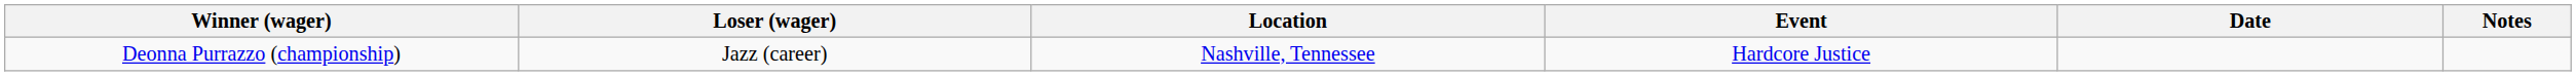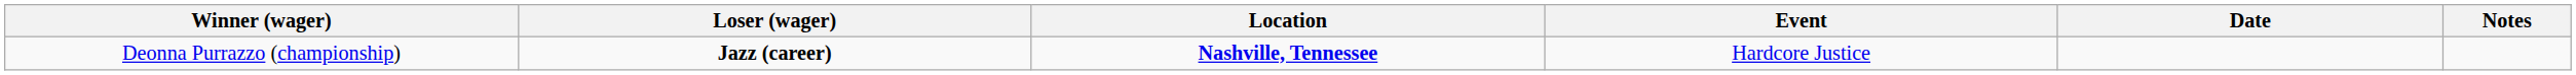 <table class="wikitable sortable" width=100%  style="text-align: center">
 <tr>
 <th width=20% scope="col">Winner (wager)</th>
 <th width=20% scope="col">Loser (wager)</th>
 <th width=20% scope="col">Location</th>
 <th width=20% scope="col">Event</th>
 <th width=15% scope="col">Date</th>
 <th class="unsortable" width=5% scope="col">Notes</th>
 </tr>
 <tr>
 <td><a href='#'>Deonna Purrazzo</a> (<a href='#'>championship</a>)</td>
-<td>Jazz (career)</td>
-<td><a href='#'>Nashville, Tennessee</a></td>
+<td><strong>Jazz (career)</strong></td>
+<td><strong><a href='#'>Nashville, Tennessee</a></strong></td>
 <td><a href='#'>Hardcore Justice</a></td>
 <td></td>
 <td></td>
 </tr>
 </table>
